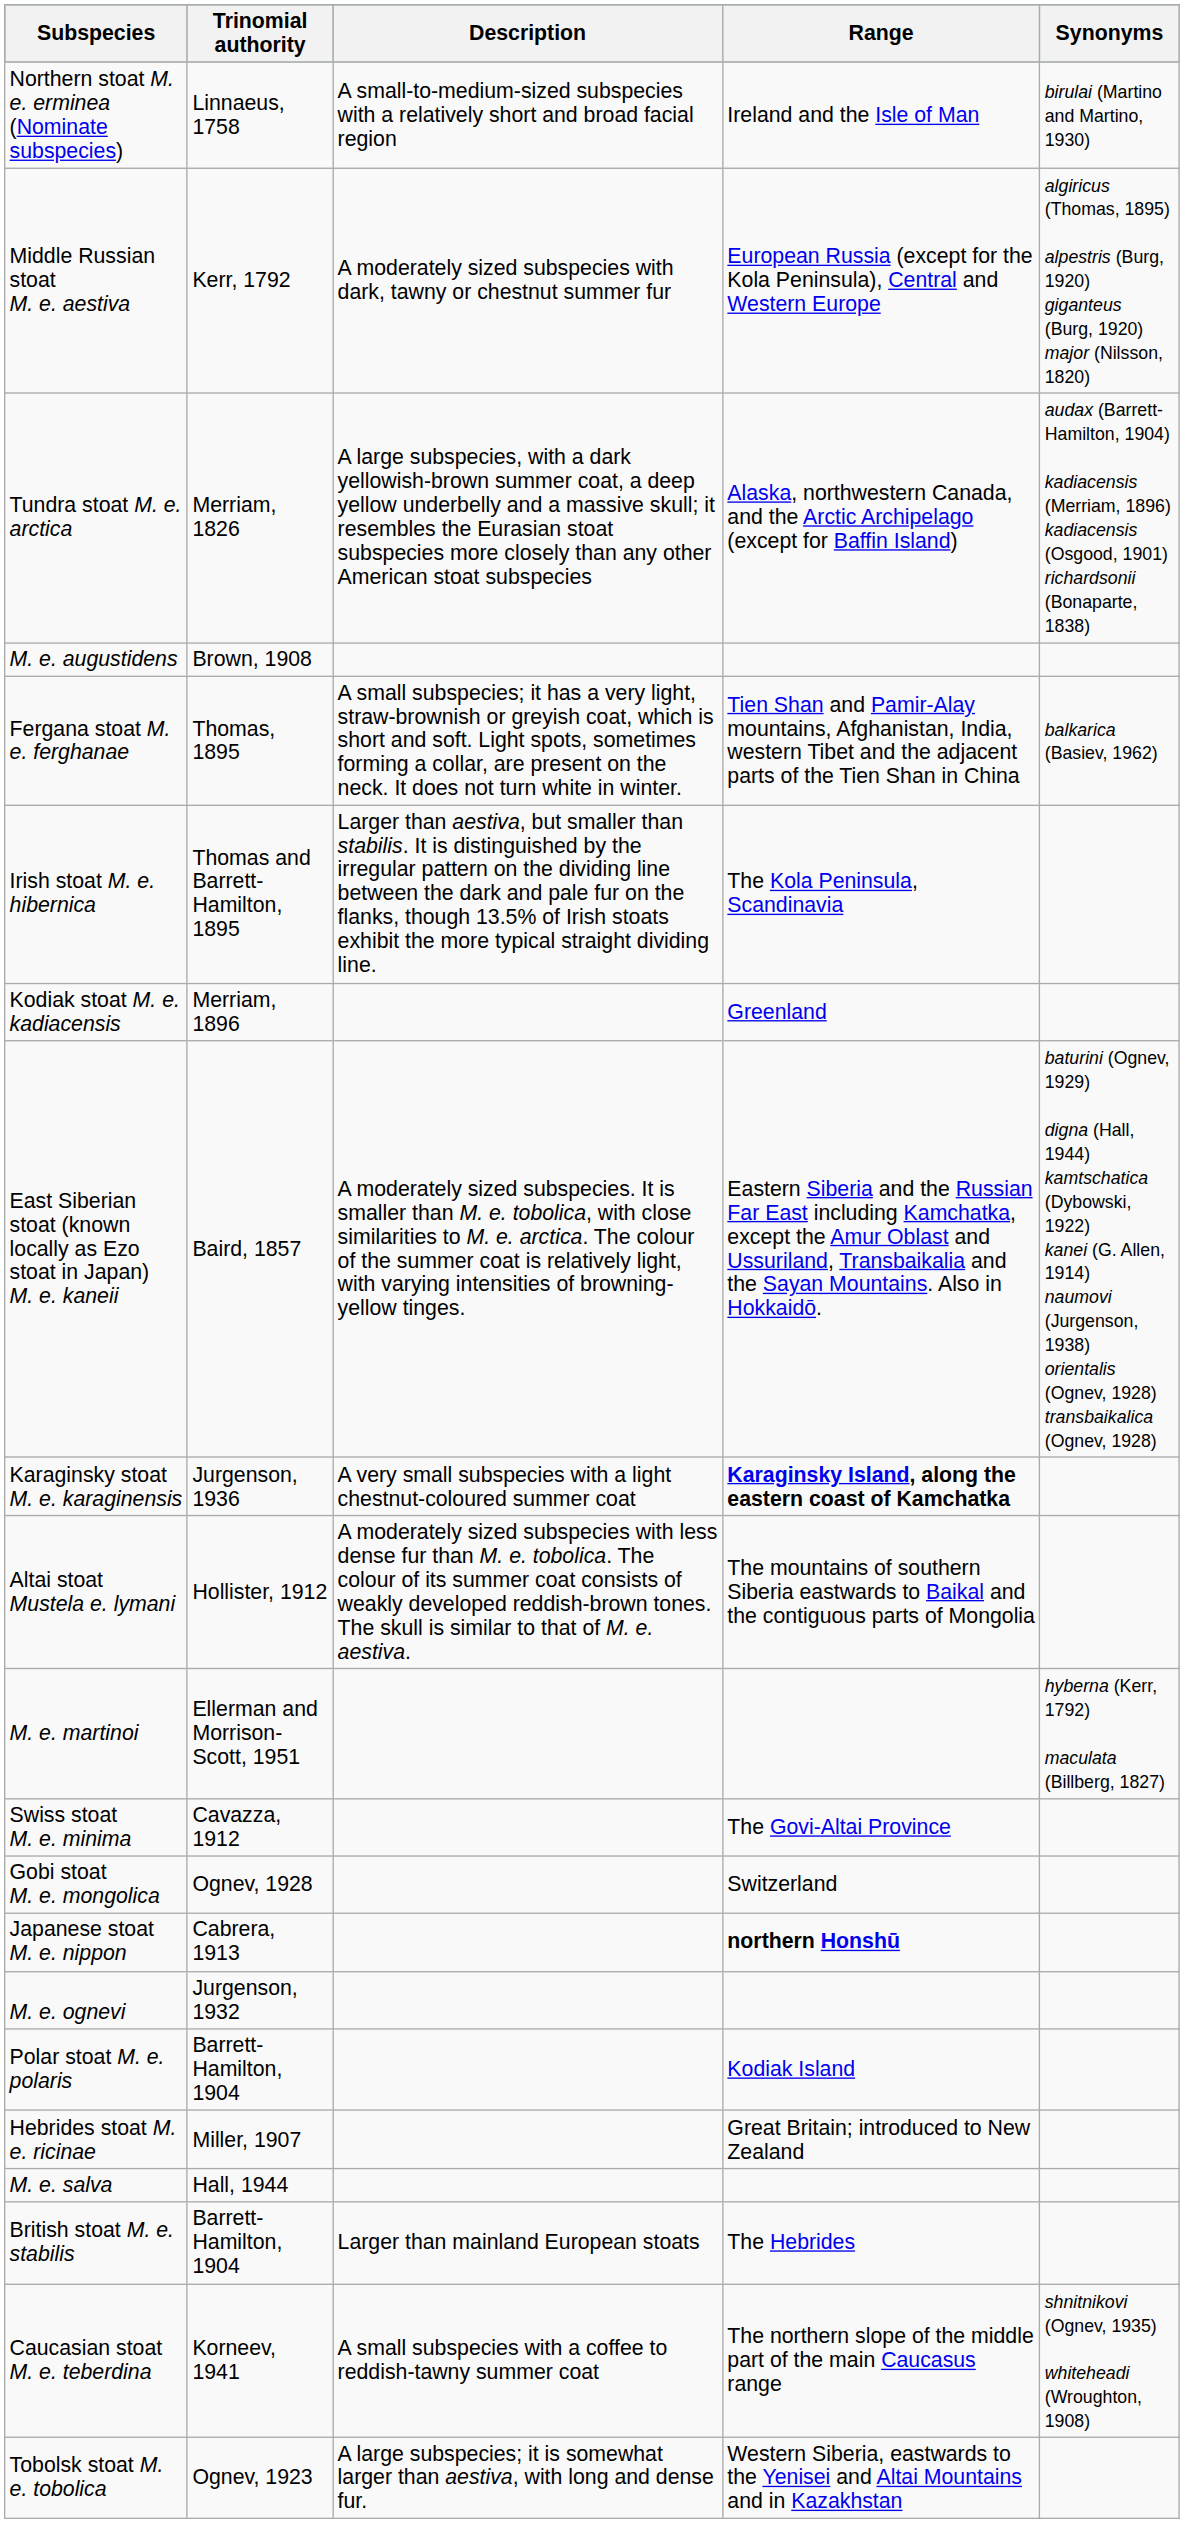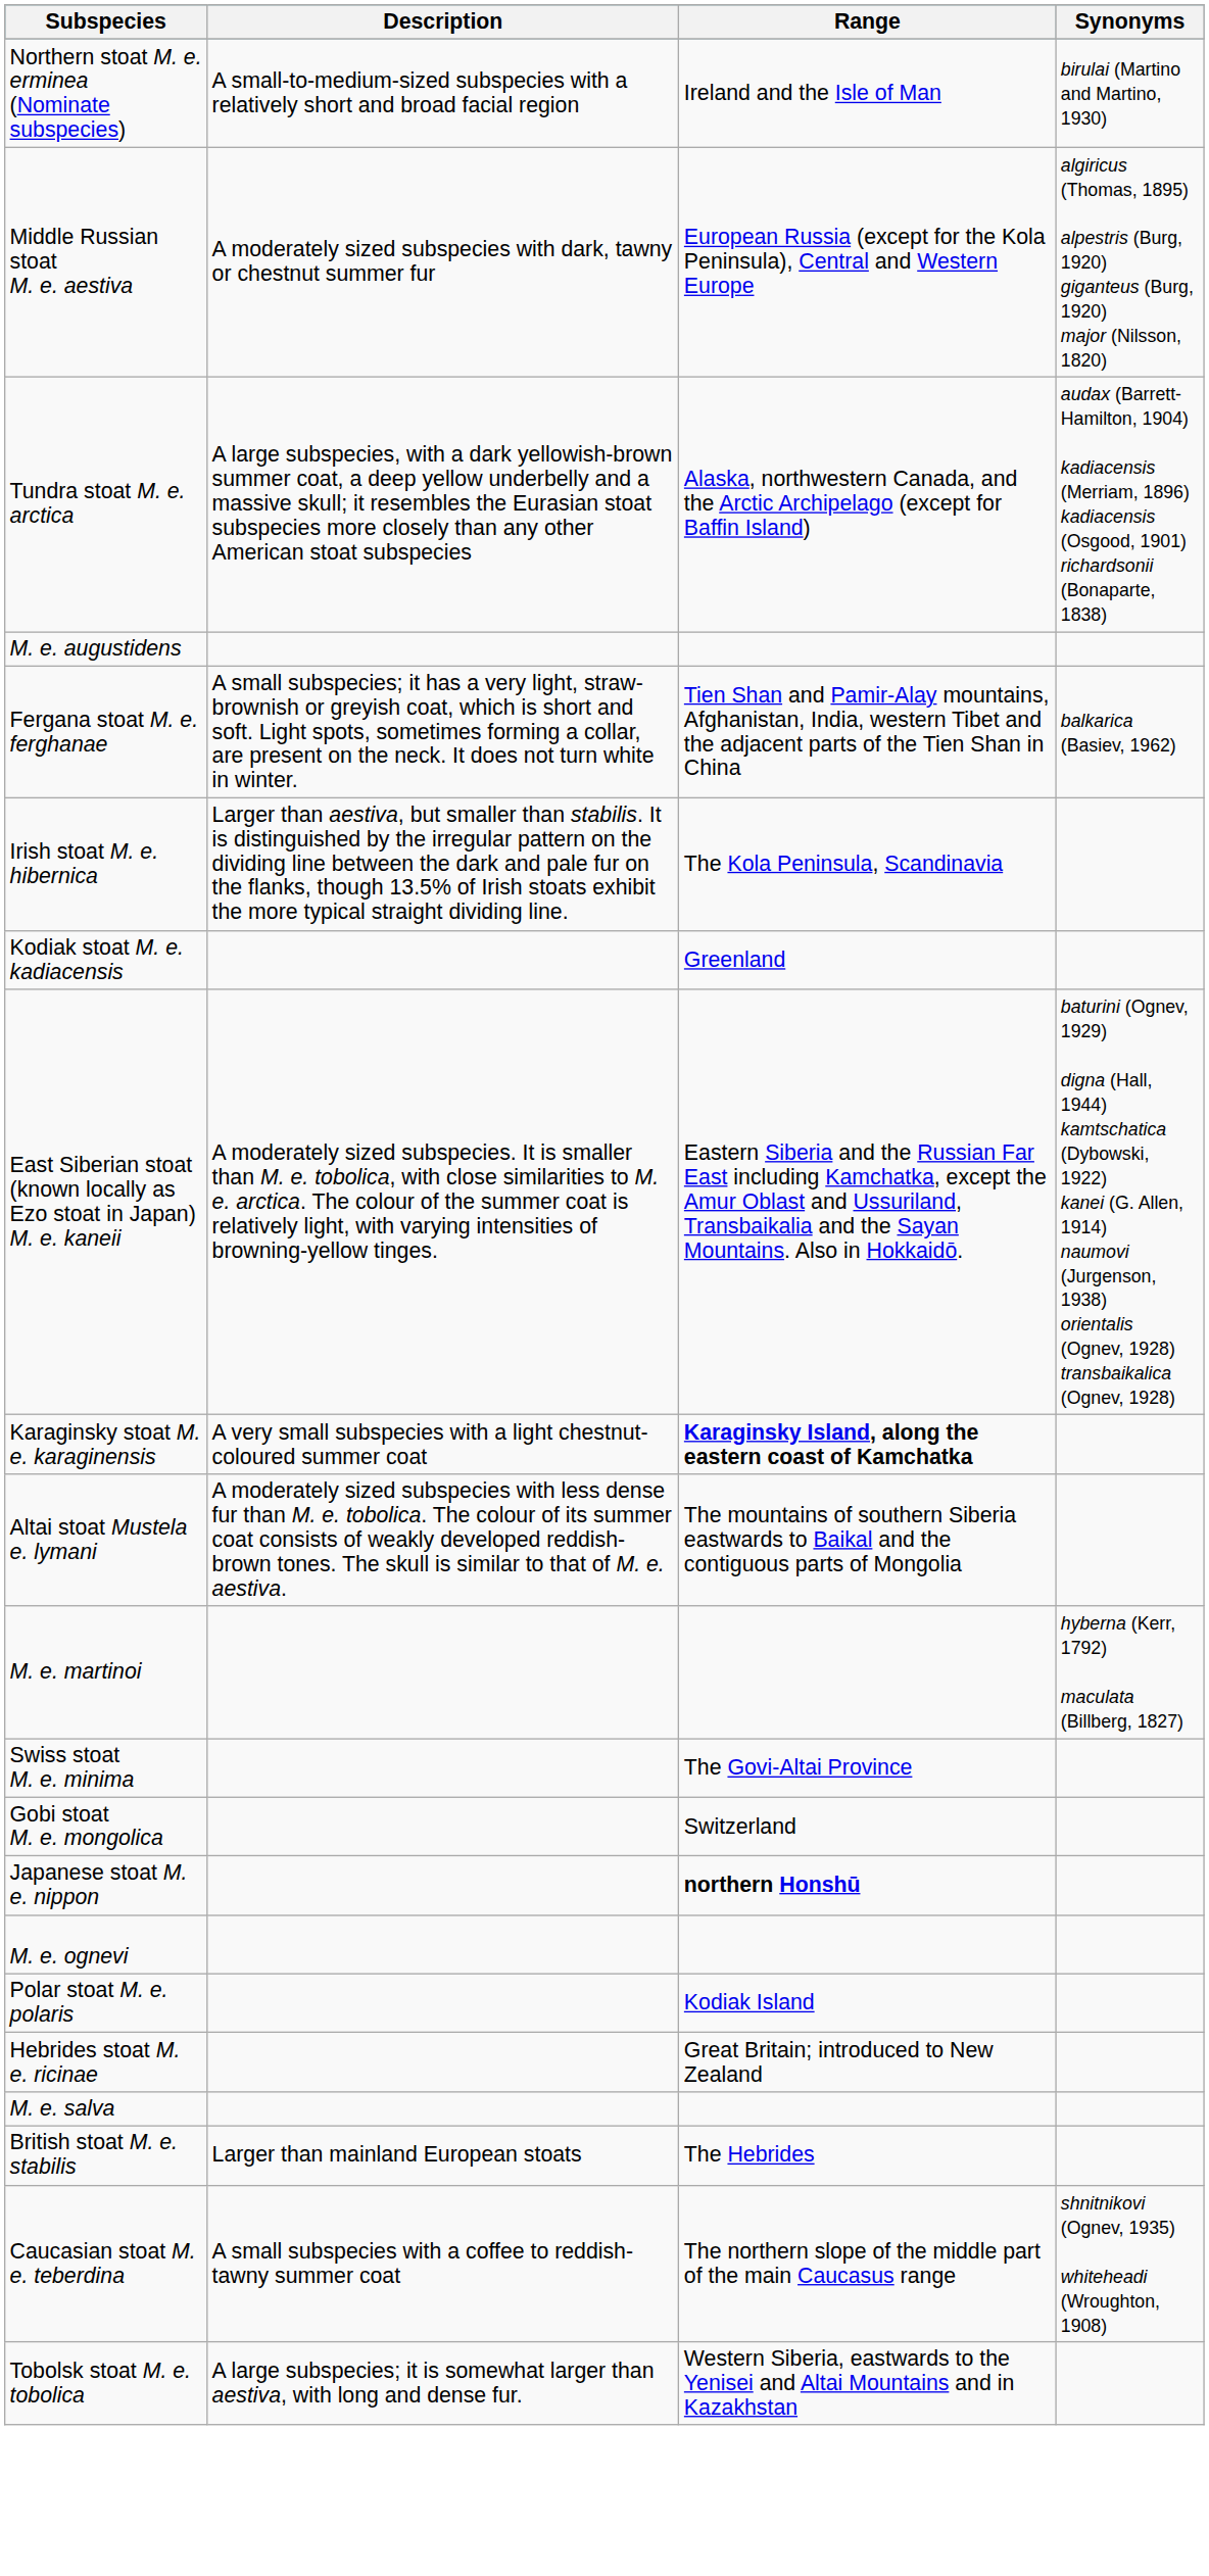 <table class="wikitable" style="width:100%;">
 <tr style="background:#115a6c;">
 <th>Subspecies</th>
-<th>Trinomial authority</th>
 <th>Description</th>
 <th>Range</th>
 <th>Synonyms</th>
 </tr>
 <tr>
 <td>Northern stoat <em>M. e. erminea</em><br>(<a href='#'>Nominate subspecies</a>)</td>
-<td>Linnaeus, 1758</td>
 <td>A small-to-medium-sized subspecies with a relatively short and broad facial region</td>
 <td>Ireland and the <a href='#'>Isle of Man</a></td>
 <td><small><em>birulai</em> (Martino and Martino, 1930)</small><br></td>
 </tr>
 <tr>
 <td>Middle Russian stoat<br><em>M. e. aestiva</em><br></td>
-<td>Kerr, 1792</td>
 <td>A moderately sized subspecies with dark, tawny or chestnut summer fur</td>
 <td><a href='#'>European Russia</a> (except for the Kola Peninsula), <a href='#'>Central</a> and <a href='#'>Western Europe</a></td>
 <td><small><em>algiricus</em> (Thomas, 1895)</small><br><br><small><em>alpestris</em> (Burg, 1920)</small><br> <small><em>giganteus</em> (Burg, 1920)</small><br> <small><em>major</em> (Nilsson, 1820)</small></td>
 </tr>
 <tr>
 <td>Tundra stoat <em>M. e. arctica</em><br></td>
-<td>Merriam, 1826</td>
 <td>A large subspecies, with a dark yellowish-brown summer coat, a deep yellow underbelly and a massive skull; it resembles the Eurasian stoat subspecies more closely than any other American stoat subspecies</td>
 <td><a href='#'>Alaska</a>, northwestern Canada, and the <a href='#'>Arctic Archipelago</a> (except for <a href='#'>Baffin Island</a>)</td>
 <td><small><em>audax</em> (Barrett-Hamilton, 1904)</small><br><br><small><em>kadiacensis</em> (Merriam, 1896)</small><br> <small><em>kadiacensis</em> (Osgood, 1901)</small><br> <small><em>richardsonii</em> (Bonaparte, 1838)</small><br></td>
 </tr>
 <tr>
 <td><em>M. e. augustidens</em></td>
-<td>Brown, 1908</td>
 <td></td>
 <td></td>
 <td></td>
 </tr>
 <tr>
 <td>Fergana stoat <em>M. e. ferghanae</em></td>
-<td>Thomas, 1895</td>
 <td>A small subspecies; it has a very light, straw-brownish or greyish coat, which is short and soft. Light spots, sometimes forming a collar, are present on the neck. It does not turn white in winter.</td>
 <td><a href='#'>Tien Shan</a> and <a href='#'>Pamir-Alay</a> mountains, Afghanistan, India, western Tibet and the adjacent parts of the Tien Shan in China</td>
 <td><small><em>balkarica</em> (Basiev, 1962)</small></td>
 </tr>
 <tr>
 <td>Irish stoat <em>M. e. hibernica</em><br></td>
-<td>Thomas and Barrett-Hamilton, 1895</td>
 <td>Larger than <em>aestiva</em>, but smaller than <em>stabilis</em>. It is distinguished by the irregular pattern on the dividing line between the dark and pale fur on the flanks, though 13.5% of Irish stoats exhibit the more typical straight dividing line.</td>
 <td>The <a href='#'>Kola Peninsula</a>, <a href='#'>Scandinavia</a></td>
 <td></td>
 </tr>
 <tr>
 <td>Kodiak stoat <em>M. e. kadiacensis</em></td>
-<td>Merriam, 1896</td>
 <td></td>
 <td><a href='#'>Greenland</a></td>
 <td></td>
 </tr>
 <tr>
 <td>East Siberian stoat (known locally as Ezo stoat in Japan)<br><em>M. e. kaneii</em></td>
-<td>Baird, 1857</td>
 <td>A moderately sized subspecies. It is smaller than <em>M. e. tobolica</em>, with close similarities to <em>M. e. arctica</em>. The colour of the summer coat is relatively light, with varying intensities of browning-yellow tinges.</td>
 <td>Eastern <a href='#'>Siberia</a> and the <a href='#'>Russian Far East</a> including <a href='#'>Kamchatka</a>, except the <a href='#'>Amur Oblast</a> and <a href='#'>Ussuriland</a>, <a href='#'>Transbaikalia</a> and the <a href='#'>Sayan Mountains</a>. Also in <a href='#'>Hokkaidō</a>.</td>
 <td><small><em>baturini</em> (Ognev, 1929)</small><br><br><small><em>digna</em> (Hall, 1944)</small><br> <small><em>kamtschatica</em> (Dybowski, 1922)</small><br> <small><em>kanei</em> (G. Allen, 1914)</small><br> <small><em>naumovi</em> (Jurgenson, 1938)</small><br> <small><em>orientalis</em> (Ognev, 1928)</small><br> <small><em>transbaikalica</em> (Ognev, 1928)</small></td>
 </tr>
 <tr>
 <td>Karaginsky stoat <em>M. e. karaginensis</em></td>
-<td>Jurgenson, 1936</td>
 <td>A very small subspecies with a light chestnut-coloured summer coat</td>
 <td><strong><a href='#'>Karaginsky Island</a>, along the eastern coast of Kamchatka</strong></td>
 <td></td>
 </tr>
 <tr>
 <td>Altai stoat <em>Mustela e. lymani</em></td>
-<td>Hollister, 1912</td>
 <td>A moderately sized subspecies with less dense fur than <em>M. e. tobolica</em>. The colour of its summer coat consists of weakly developed reddish-brown tones. The skull is similar to that of <em>M. e. aestiva</em>.</td>
 <td>The mountains of southern Siberia eastwards to <a href='#'>Baikal</a> and the contiguous parts of Mongolia</td>
 <td></td>
 </tr>
 <tr>
 <td><em>M. e. martinoi</em></td>
-<td>Ellerman and Morrison-Scott, 1951</td>
 <td></td>
 <td></td>
 <td><small><em>hyberna</em> (Kerr, 1792)</small><br><br><small><em>maculata</em> (Billberg, 1827)</small><br></td>
 </tr>
 <tr>
 <td>Swiss stoat<br><em>M. e. minima</em></td>
-<td>Cavazza, 1912</td>
 <td></td>
 <td>The <a href='#'>Govi-Altai Province</a></td>
 <td></td>
 </tr>
 <tr>
 <td>Gobi stoat<br><em>M. e. mongolica</em></td>
-<td>Ognev, 1928</td>
 <td></td>
 <td>Switzerland</td>
 <td></td>
 </tr>
 <tr>
 <td>Japanese stoat <em>M. e. nippon</em><br></td>
-<td>Cabrera, 1913</td>
 <td></td>
 <td><strong>northern <a href='#'>Honshū</a></strong></td>
 <td></td>
 </tr>
 <tr>
 <td><br><em>M. e. ognevi</em></td>
-<td>Jurgenson, 1932</td>
 <td></td>
 <td></td>
 <td></td>
 </tr>
 <tr>
 <td>Polar stoat <em>M. e. polaris</em></td>
-<td>Barrett-Hamilton, 1904</td>
 <td></td>
 <td><a href='#'>Kodiak Island</a></td>
 <td></td>
 </tr>
 <tr>
 <td>Hebrides stoat <em>M. e. ricinae</em></td>
-<td>Miller, 1907</td>
 <td></td>
 <td>Great Britain; introduced to New Zealand</td>
 <td></td>
 </tr>
 <tr>
 <td><em>M. e. salva</em></td>
-<td>Hall, 1944</td>
 <td></td>
 <td></td>
 <td></td>
 </tr>
 <tr>
 <td>British stoat <em>M. e. stabilis</em><br></td>
-<td>Barrett-Hamilton, 1904</td>
 <td>Larger than mainland European stoats</td>
 <td>The <a href='#'>Hebrides</a></td>
 <td></td>
 </tr>
 <tr>
 <td>Caucasian stoat <em>M. e. teberdina</em></td>
-<td>Korneev, 1941</td>
 <td>A small subspecies with a coffee to reddish-tawny summer coat</td>
 <td>The northern slope of the middle part of the main <a href='#'>Caucasus</a> range</td>
 <td><small><em>shnitnikovi</em> (Ognev, 1935)</small><br><br><small><em>whiteheadi</em> (Wroughton, 1908)</small></td>
 </tr>
 <tr>
 <td>Tobolsk stoat <em>M. e. tobolica</em></td>
-<td>Ognev, 1923</td>
 <td>A large subspecies; it is somewhat larger than <em>aestiva</em>, with long and dense fur.</td>
 <td>Western Siberia, eastwards to the <a href='#'>Yenisei</a> and <a href='#'>Altai Mountains</a> and in <a href='#'>Kazakhstan</a></td>
 <td></td>
 </tr>
 </table>
